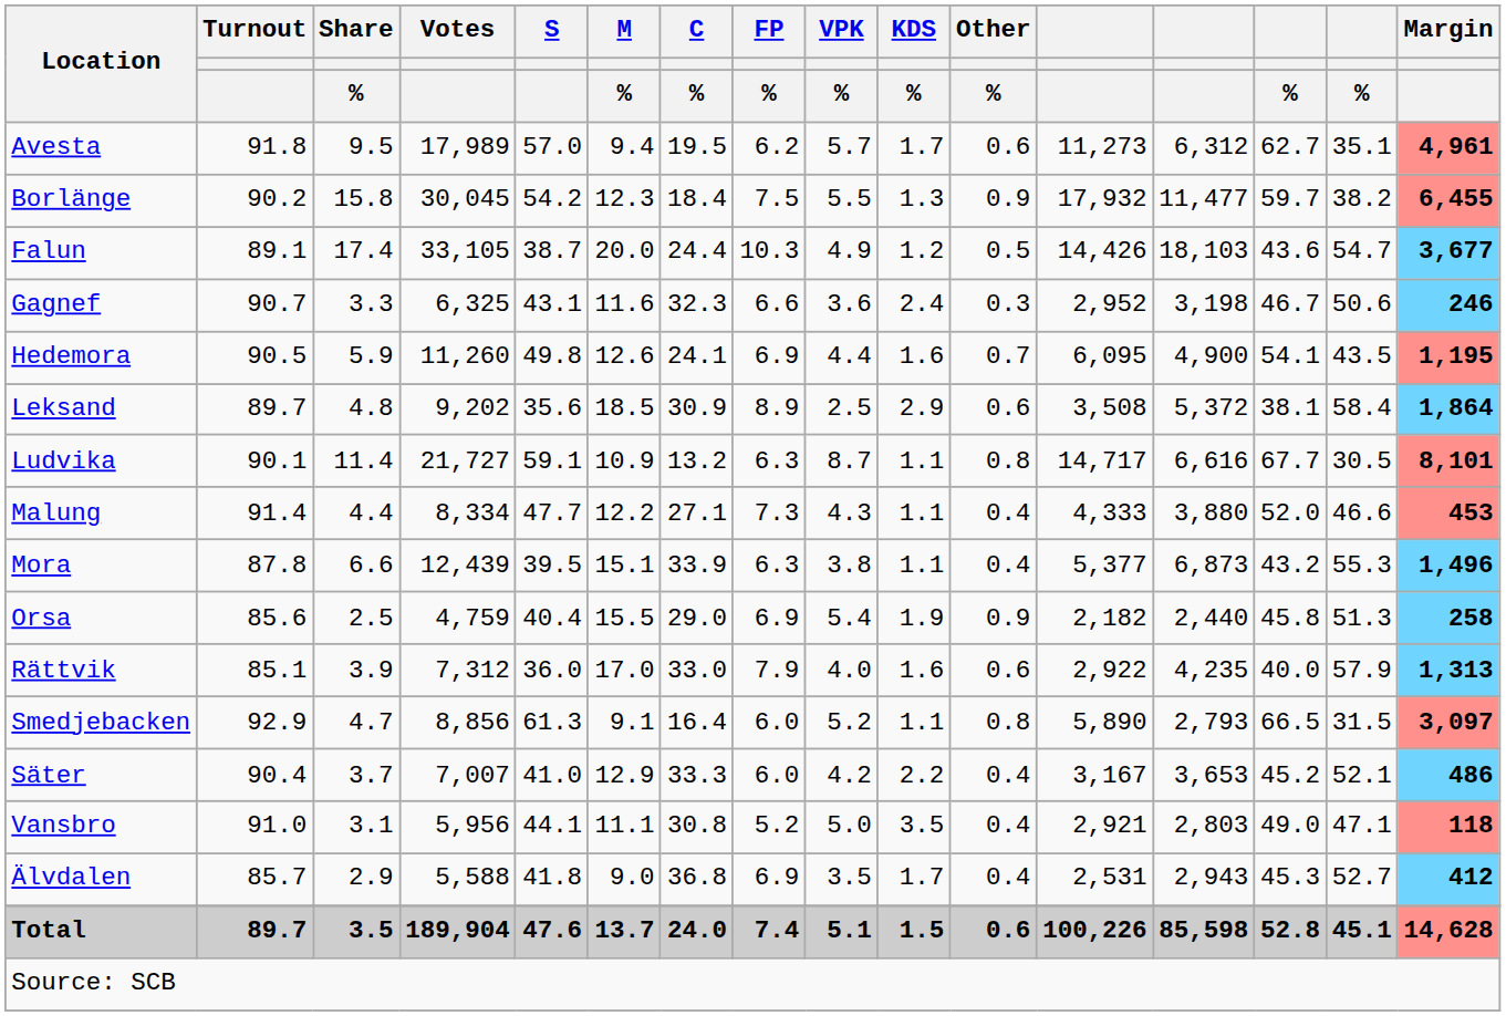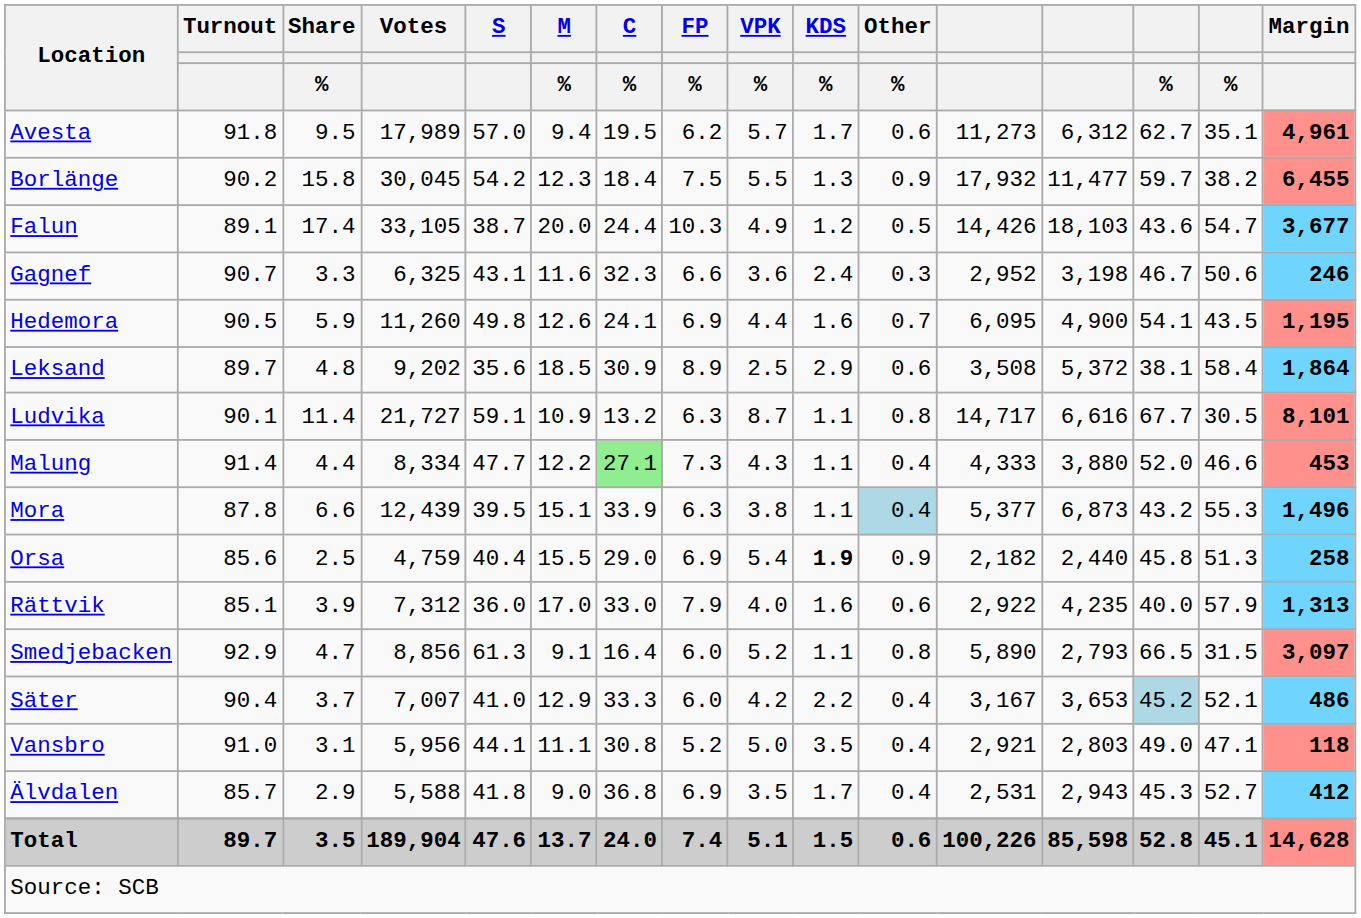 <table class="wikitable sortable" style="text-align:right; font-size:95%; line-height:20px;">
 <tr>
 <th rowspan="3">Location</th>
 <th>Turnout</th>
 <th>Share</th>
 <th>Votes</th>
 <th width="30px" class="unsortable"><a href='#'>S</a></th>
 <th width="30px" class="unsortable"><a href='#'>M</a></th>
 <th width="30px" class="unsortable"><a href='#'>C</a></th>
 <th width="30px" class="unsortable"><a href='#'>FP</a></th>
 <th width="30px" class="unsortable"><a href='#'>VPK</a></th>
 <th width="30px" class="unsortable"><a href='#'>KDS</a></th>
 <th width="30px" class="unsortable">Other</th>
 <th></th>
 <th></th>
 <th></th>
 <th></th>
 <th>Margin</th>
 </tr>
 <tr>
 <th></th>
 <th></th>
 <th></th>
 <th style="background:"></th>
 <th style="background:"></th>
 <th style="background:"></th>
 <th style="background:"></th>
 <th style="background:"></th>
 <th style="background:"></th>
 <th style="background:"></th>
 <th style="background:"></th>
 <th style="background:"></th>
 <th style="background:"></th>
 <th style="background:"></th>
 <th></th>
 </tr>
 <tr>
 <th></th>
 <th data-sort-type="number">%</th>
 <th data-sort-type="number"></th>
 <th></th>
 <th data-sort-type="number">%</th>
 <th data-sort-type="number">%</th>
 <th data-sort-type="number">%</th>
 <th data-sort-type="number">%</th>
 <th data-sort-type="number">%</th>
 <th data-sort-type="number">%</th>
 <th data-sort-type="number"></th>
 <th data-sort-type="number"></th>
 <th data-sort-type="number">%</th>
 <th data-sort-type="number">%</th>
 <th data-sort-type="number"></th>
 </tr>
 <tr>
 <td align=left><a href='#'>Avesta</a></td>
 <td>91.8</td>
 <td>9.5</td>
 <td>17,989</td>
 <td>57.0</td>
 <td>9.4</td>
 <td>19.5</td>
 <td>6.2</td>
 <td>5.7</td>
 <td>1.7</td>
 <td>0.6</td>
 <td>11,273</td>
 <td>6,312</td>
 <td>62.7</td>
 <td>35.1</td>
 <td bgcolor=#ff908c><strong>4,961</strong></td>
 </tr>
 <tr>
 <td align=left><a href='#'>Borlänge</a></td>
 <td>90.2</td>
 <td>15.8</td>
 <td>30,045</td>
 <td>54.2</td>
 <td>12.3</td>
 <td>18.4</td>
 <td>7.5</td>
 <td>5.5</td>
 <td>1.3</td>
 <td>0.9</td>
 <td>17,932</td>
 <td>11,477</td>
 <td>59.7</td>
 <td>38.2</td>
 <td bgcolor=#ff908c><strong>6,455</strong></td>
 </tr>
 <tr>
 <td align=left><a href='#'>Falun</a></td>
 <td>89.1</td>
 <td>17.4</td>
 <td>33,105</td>
 <td>38.7</td>
 <td>20.0</td>
 <td>24.4</td>
 <td>10.3</td>
 <td>4.9</td>
 <td>1.2</td>
 <td>0.5</td>
 <td>14,426</td>
 <td>18,103</td>
 <td>43.6</td>
 <td>54.7</td>
 <td bgcolor=#6fd5fe><strong>3,677</strong></td>
 </tr>
 <tr>
 <td align=left><a href='#'>Gagnef</a></td>
 <td>90.7</td>
 <td>3.3</td>
 <td>6,325</td>
 <td>43.1</td>
 <td>11.6</td>
 <td>32.3</td>
 <td>6.6</td>
 <td>3.6</td>
 <td>2.4</td>
 <td>0.3</td>
 <td>2,952</td>
 <td>3,198</td>
 <td>46.7</td>
 <td>50.6</td>
 <td bgcolor=#6fd5fe><strong>246</strong></td>
 </tr>
 <tr>
 <td align=left><a href='#'>Hedemora</a></td>
 <td>90.5</td>
 <td>5.9</td>
 <td>11,260</td>
 <td>49.8</td>
 <td>12.6</td>
 <td>24.1</td>
 <td>6.9</td>
 <td>4.4</td>
 <td>1.6</td>
 <td>0.7</td>
 <td>6,095</td>
 <td>4,900</td>
 <td>54.1</td>
 <td>43.5</td>
 <td bgcolor=#ff908c><strong>1,195</strong></td>
 </tr>
 <tr>
 <td align=left><a href='#'>Leksand</a></td>
 <td>89.7</td>
 <td>4.8</td>
 <td>9,202</td>
 <td>35.6</td>
 <td>18.5</td>
 <td>30.9</td>
 <td>8.9</td>
 <td>2.5</td>
 <td>2.9</td>
 <td>0.6</td>
 <td>3,508</td>
 <td>5,372</td>
 <td>38.1</td>
 <td>58.4</td>
 <td bgcolor=#6fd5fe><strong>1,864</strong></td>
 </tr>
 <tr>
 <td align=left><a href='#'>Ludvika</a></td>
 <td>90.1</td>
 <td>11.4</td>
 <td>21,727</td>
 <td>59.1</td>
 <td>10.9</td>
 <td>13.2</td>
 <td>6.3</td>
 <td>8.7</td>
 <td>1.1</td>
 <td>0.8</td>
 <td>14,717</td>
 <td>6,616</td>
 <td>67.7</td>
 <td>30.5</td>
 <td bgcolor=#ff908c><strong>8,101</strong></td>
 </tr>
 <tr>
 <td align=left><a href='#'>Malung</a></td>
 <td>91.4</td>
 <td>4.4</td>
 <td>8,334</td>
 <td>47.7</td>
 <td>12.2</td>
-<td>27.1</td>
+<td style="background: lightgreen;">27.1</td>
 <td>7.3</td>
 <td>4.3</td>
 <td>1.1</td>
 <td>0.4</td>
 <td>4,333</td>
 <td>3,880</td>
 <td>52.0</td>
 <td>46.6</td>
 <td bgcolor=#ff908c><strong>453</strong></td>
 </tr>
 <tr>
 <td align=left><a href='#'>Mora</a></td>
 <td>87.8</td>
 <td>6.6</td>
 <td>12,439</td>
 <td>39.5</td>
 <td>15.1</td>
 <td>33.9</td>
 <td>6.3</td>
 <td>3.8</td>
 <td>1.1</td>
-<td>0.4</td>
+<td style="background: lightblue;">0.4</td>
 <td>5,377</td>
 <td>6,873</td>
 <td>43.2</td>
 <td>55.3</td>
 <td bgcolor=#6fd5fe><strong>1,496</strong></td>
 </tr>
 <tr>
 <td align=left><a href='#'>Orsa</a></td>
 <td>85.6</td>
 <td>2.5</td>
 <td>4,759</td>
 <td>40.4</td>
 <td>15.5</td>
 <td>29.0</td>
 <td>6.9</td>
 <td>5.4</td>
-<td>1.9</td>
+<td><strong>1.9</strong></td>
 <td>0.9</td>
 <td>2,182</td>
 <td>2,440</td>
 <td>45.8</td>
 <td>51.3</td>
 <td bgcolor=#6fd5fe><strong>258</strong></td>
 </tr>
 <tr>
 <td align=left><a href='#'>Rättvik</a></td>
 <td>85.1</td>
 <td>3.9</td>
 <td>7,312</td>
 <td>36.0</td>
 <td>17.0</td>
 <td>33.0</td>
 <td>7.9</td>
 <td>4.0</td>
 <td>1.6</td>
 <td>0.6</td>
 <td>2,922</td>
 <td>4,235</td>
 <td>40.0</td>
 <td>57.9</td>
 <td bgcolor=#6fd5fe><strong>1,313</strong></td>
 </tr>
 <tr>
 <td align=left><a href='#'>Smedjebacken</a></td>
 <td>92.9</td>
 <td>4.7</td>
 <td>8,856</td>
 <td>61.3</td>
 <td>9.1</td>
 <td>16.4</td>
 <td>6.0</td>
 <td>5.2</td>
 <td>1.1</td>
 <td>0.8</td>
 <td>5,890</td>
 <td>2,793</td>
 <td>66.5</td>
 <td>31.5</td>
 <td bgcolor=#ff908c><strong>3,097</strong></td>
 </tr>
 <tr>
 <td align=left><a href='#'>Säter</a></td>
 <td>90.4</td>
 <td>3.7</td>
 <td>7,007</td>
 <td>41.0</td>
 <td>12.9</td>
 <td>33.3</td>
 <td>6.0</td>
 <td>4.2</td>
 <td>2.2</td>
 <td>0.4</td>
 <td>3,167</td>
 <td>3,653</td>
-<td>45.2</td>
+<td style="background: lightblue;">45.2</td>
 <td>52.1</td>
 <td bgcolor=#6fd5fe><strong>486</strong></td>
 </tr>
 <tr>
 <td align=left><a href='#'>Vansbro</a></td>
 <td>91.0</td>
 <td>3.1</td>
 <td>5,956</td>
 <td>44.1</td>
 <td>11.1</td>
 <td>30.8</td>
 <td>5.2</td>
 <td>5.0</td>
 <td>3.5</td>
 <td>0.4</td>
 <td>2,921</td>
 <td>2,803</td>
 <td>49.0</td>
 <td>47.1</td>
 <td bgcolor=#ff908c><strong>118</strong></td>
 </tr>
 <tr>
 <td align=left><a href='#'>Älvdalen</a></td>
 <td>85.7</td>
 <td>2.9</td>
 <td>5,588</td>
 <td>41.8</td>
 <td>9.0</td>
 <td>36.8</td>
 <td>6.9</td>
 <td>3.5</td>
 <td>1.7</td>
 <td>0.4</td>
 <td>2,531</td>
 <td>2,943</td>
 <td>45.3</td>
 <td>52.7</td>
 <td bgcolor=#6fd5fe><strong>412</strong></td>
 </tr>
 <tr>
 </tr>
 <tr style="background:#CDCDCD;">
 <td align=left><strong>Total</strong></td>
 <td><strong>89.7</strong></td>
 <td><strong>3.5</strong></td>
 <td><strong>189,904</strong></td>
 <td><strong>47.6</strong></td>
 <td><strong>13.7</strong></td>
 <td><strong>24.0</strong></td>
 <td><strong>7.4</strong></td>
 <td><strong>5.1</strong></td>
 <td><strong>1.5</strong></td>
 <td><strong>0.6</strong></td>
 <td><strong>100,226</strong></td>
 <td><strong>85,598</strong></td>
 <td><strong>52.8</strong></td>
 <td><strong>45.1</strong></td>
 <td bgcolor=#ff908c><strong>14,628</strong></td>
 </tr>
 <tr>
 <td align=left colspan=16>Source: SCB </td>
 </tr>
 </table>
